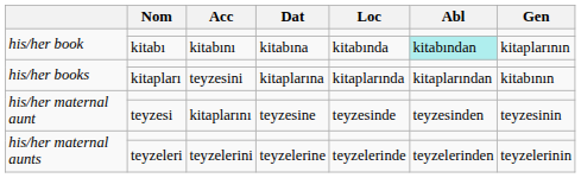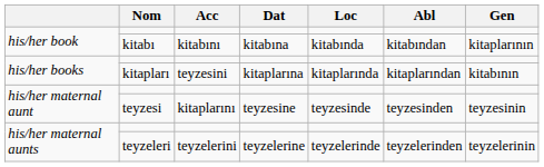 <table class="wikitable">
 <tr>
 <th></th>
 <th>Nom</th>
 <th>Acc</th>
 <th>Dat</th>
 <th>Loc</th>
 <th>Abl</th>
 <th>Gen</th>
 </tr>
 <tr>
 <td rowspan=2><em>his/her book</em></td>
 <td></td>
 <td></td>
 <td></td>
 <td></td>
 <td></td>
 <td></td>
 </tr>
 <tr>
 <td>kitabı</td>
 <td>kitabını</td>
 <td>kitabına</td>
 <td>kitabında</td>
-<td style="background: paleturquoise;">kitabından</td>
+<td>kitabından</td>
 <td>kitaplarının</td>
 </tr>
 <tr>
 <td rowspan=2><em>his/her books</em></td>
 <td></td>
 <td></td>
 <td></td>
 <td></td>
 <td></td>
 <td></td>
 </tr>
 <tr>
 <td>kitapları</td>
 <td>teyzesini</td>
 <td>kitaplarına</td>
 <td>kitaplarında</td>
 <td>kitaplarından</td>
 <td>kitabının</td>
 </tr>
 <tr>
 <td rowspan=2><em>his/her maternal aunt</em></td>
 <td></td>
 <td></td>
 <td></td>
 <td></td>
 <td></td>
 <td></td>
 </tr>
 <tr>
 <td>teyzesi</td>
 <td>kitaplarını</td>
 <td>teyzesine</td>
 <td>teyzesinde</td>
 <td>teyzesinden</td>
 <td>teyzesinin</td>
 </tr>
 <tr>
 <td rowspan=2><em>his/her maternal aunts</em></td>
 <td></td>
 <td></td>
 <td></td>
 <td></td>
 <td></td>
 <td></td>
 </tr>
 <tr>
 <td>teyzeleri</td>
 <td>teyzelerini</td>
 <td>teyzelerine</td>
 <td>teyzelerinde</td>
 <td>teyzelerinden</td>
 <td>teyzelerinin</td>
 </tr>
 </table>
